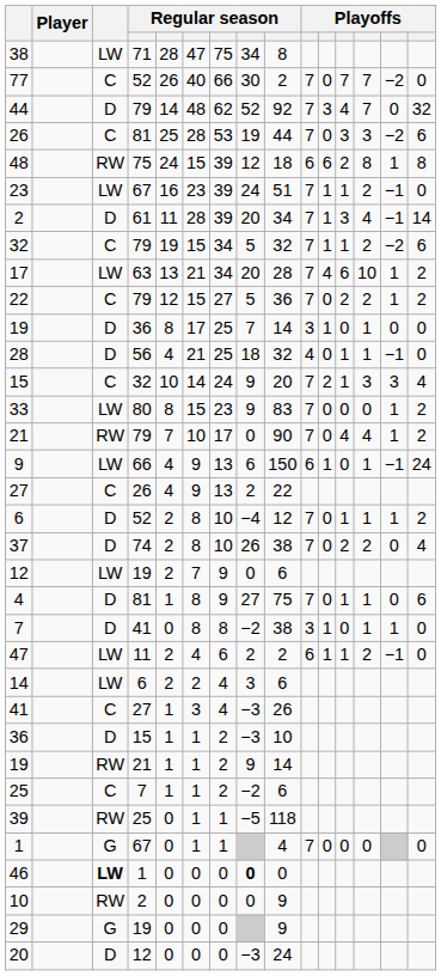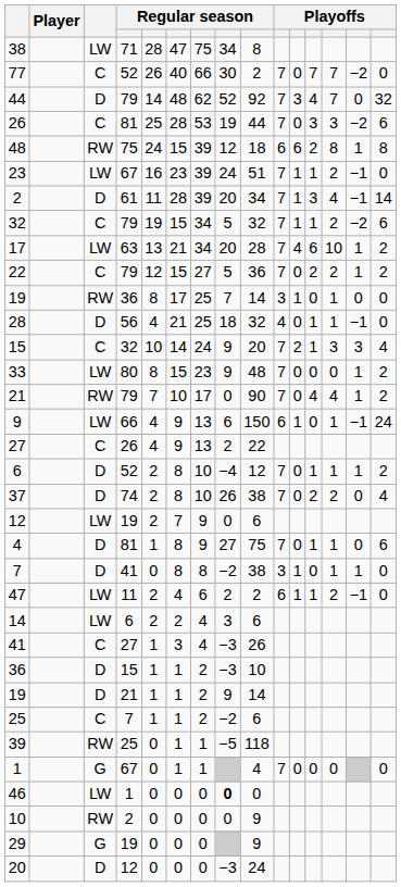 <table class="wikitable sortable plainrowheaders" style="text-align:center;">
 <tr>
 <th scope="col" data-sort-type="number" rowspan="2"></th>
 <th scope="col" rowspan="2">Player</th>
 <th scope="col" rowspan="2"></th>
 <th scope=colgroup colspan=6>Regular season</th>
 <th scope=colgroup colspan=6>Playoffs</th>
 </tr>
 <tr>
 <th scope="col" data-sort-type="number"></th>
 <th scope="col" data-sort-type="number"></th>
 <th scope="col" data-sort-type="number"></th>
 <th scope="col" data-sort-type="number"></th>
 <th scope="col" data-sort-type="number"></th>
 <th scope="col" data-sort-type="number"></th>
 <th scope="col" data-sort-type="number"></th>
 <th scope="col" data-sort-type="number"></th>
 <th scope="col" data-sort-type="number"></th>
 <th scope="col" data-sort-type="number"></th>
 <th scope="col" data-sort-type="number"></th>
 <th scope="col" data-sort-type="number"></th>
 </tr>
 <tr>
 <td scope="row">38</td>
 <td align="left"></td>
 <td>LW</td>
 <td>71</td>
 <td>28</td>
 <td>47</td>
 <td>75</td>
 <td>34</td>
 <td>8</td>
 <td></td>
 <td></td>
 <td></td>
 <td></td>
 <td></td>
 <td></td>
 </tr>
 <tr>
 <td scope="row">77</td>
 <td align="left"></td>
 <td>C</td>
 <td>52</td>
 <td>26</td>
 <td>40</td>
 <td>66</td>
 <td>30</td>
 <td>2</td>
 <td>7</td>
 <td>0</td>
 <td>7</td>
 <td>7</td>
 <td>−2</td>
 <td>0</td>
 </tr>
 <tr>
 <td scope="row">44</td>
 <td align="left"></td>
 <td>D</td>
 <td>79</td>
 <td>14</td>
 <td>48</td>
 <td>62</td>
 <td>52</td>
 <td>92</td>
 <td>7</td>
 <td>3</td>
 <td>4</td>
 <td>7</td>
 <td>0</td>
 <td>32</td>
 </tr>
 <tr>
 <td scope="row">26</td>
 <td align="left"></td>
 <td>C</td>
 <td>81</td>
 <td>25</td>
 <td>28</td>
 <td>53</td>
 <td>19</td>
 <td>44</td>
 <td>7</td>
 <td>0</td>
 <td>3</td>
 <td>3</td>
 <td>−2</td>
 <td>6</td>
 </tr>
 <tr>
 <td scope="row">48</td>
 <td align="left"></td>
 <td>RW</td>
 <td>75</td>
 <td>24</td>
 <td>15</td>
 <td>39</td>
 <td>12</td>
 <td>18</td>
 <td>6</td>
 <td>6</td>
 <td>2</td>
 <td>8</td>
 <td>1</td>
 <td>8</td>
 </tr>
 <tr>
 <td scope="row">23</td>
 <td align="left"></td>
 <td>LW</td>
 <td>67</td>
 <td>16</td>
 <td>23</td>
 <td>39</td>
 <td>24</td>
 <td>51</td>
 <td>7</td>
 <td>1</td>
 <td>1</td>
 <td>2</td>
 <td>−1</td>
 <td>0</td>
 </tr>
 <tr>
 <td scope="row">2</td>
 <td align="left"></td>
 <td>D</td>
 <td>61</td>
 <td>11</td>
 <td>28</td>
 <td>39</td>
 <td>20</td>
 <td>34</td>
 <td>7</td>
 <td>1</td>
 <td>3</td>
 <td>4</td>
 <td>−1</td>
 <td>14</td>
 </tr>
 <tr>
 <td scope="row">32</td>
 <td align="left"></td>
 <td>C</td>
 <td>79</td>
 <td>19</td>
 <td>15</td>
 <td>34</td>
 <td>5</td>
 <td>32</td>
 <td>7</td>
 <td>1</td>
 <td>1</td>
 <td>2</td>
 <td>−2</td>
 <td>6</td>
 </tr>
 <tr>
 <td scope="row">17</td>
 <td align="left"></td>
 <td>LW</td>
 <td>63</td>
 <td>13</td>
 <td>21</td>
 <td>34</td>
 <td>20</td>
 <td>28</td>
 <td>7</td>
 <td>4</td>
 <td>6</td>
 <td>10</td>
 <td>1</td>
 <td>2</td>
 </tr>
 <tr>
 <td scope="row">22</td>
 <td align="left"></td>
 <td>C</td>
 <td>79</td>
 <td>12</td>
 <td>15</td>
 <td>27</td>
 <td>5</td>
 <td>36</td>
 <td>7</td>
 <td>0</td>
 <td>2</td>
 <td>2</td>
 <td>1</td>
 <td>2</td>
 </tr>
 <tr>
 <td scope="row">19</td>
 <td align="left"></td>
-<td>D</td>
+<td>RW</td>
 <td>36</td>
 <td>8</td>
 <td>17</td>
 <td>25</td>
 <td>7</td>
 <td>14</td>
 <td>3</td>
 <td>1</td>
 <td>0</td>
 <td>1</td>
 <td>0</td>
 <td>0</td>
 </tr>
 <tr>
 <td scope="row">28</td>
 <td align="left"></td>
 <td>D</td>
 <td>56</td>
 <td>4</td>
 <td>21</td>
 <td>25</td>
 <td>18</td>
 <td>32</td>
 <td>4</td>
 <td>0</td>
 <td>1</td>
 <td>1</td>
 <td>−1</td>
 <td>0</td>
 </tr>
 <tr>
 <td scope="row">15</td>
 <td align="left"></td>
 <td>C</td>
 <td>32</td>
 <td>10</td>
 <td>14</td>
 <td>24</td>
 <td>9</td>
 <td>20</td>
 <td>7</td>
 <td>2</td>
 <td>1</td>
 <td>3</td>
 <td>3</td>
 <td>4</td>
 </tr>
 <tr>
 <td scope="row">33</td>
 <td align="left"></td>
 <td>LW</td>
 <td>80</td>
 <td>8</td>
 <td>15</td>
 <td>23</td>
 <td>9</td>
-<td>83</td>
+<td>48</td>
 <td>7</td>
 <td>0</td>
 <td>0</td>
 <td>0</td>
 <td>1</td>
 <td>2</td>
 </tr>
 <tr>
 <td scope="row">21</td>
 <td align="left"></td>
 <td>RW</td>
 <td>79</td>
 <td>7</td>
 <td>10</td>
 <td>17</td>
 <td>0</td>
 <td>90</td>
 <td>7</td>
 <td>0</td>
 <td>4</td>
 <td>4</td>
 <td>1</td>
 <td>2</td>
 </tr>
 <tr>
 <td scope="row">9</td>
 <td align="left"></td>
 <td>LW</td>
 <td>66</td>
 <td>4</td>
 <td>9</td>
 <td>13</td>
 <td>6</td>
 <td>150</td>
 <td>6</td>
 <td>1</td>
 <td>0</td>
 <td>1</td>
 <td>−1</td>
 <td>24</td>
 </tr>
 <tr>
 <td scope="row">27</td>
 <td align="left"></td>
 <td>C</td>
 <td>26</td>
 <td>4</td>
 <td>9</td>
 <td>13</td>
 <td>2</td>
 <td>22</td>
 <td></td>
 <td></td>
 <td></td>
 <td></td>
 <td></td>
 <td></td>
 </tr>
 <tr>
 <td scope="row">6</td>
 <td align="left"></td>
 <td>D</td>
 <td>52</td>
 <td>2</td>
 <td>8</td>
 <td>10</td>
 <td>−4</td>
 <td>12</td>
 <td>7</td>
 <td>0</td>
 <td>1</td>
 <td>1</td>
 <td>1</td>
 <td>2</td>
 </tr>
 <tr>
 <td scope="row">37</td>
 <td align="left"></td>
 <td>D</td>
 <td>74</td>
 <td>2</td>
 <td>8</td>
 <td>10</td>
 <td>26</td>
 <td>38</td>
 <td>7</td>
 <td>0</td>
 <td>2</td>
 <td>2</td>
 <td>0</td>
 <td>4</td>
 </tr>
 <tr>
 <td scope="row">12</td>
 <td align="left"></td>
 <td>LW</td>
 <td>19</td>
 <td>2</td>
 <td>7</td>
 <td>9</td>
 <td>0</td>
 <td>6</td>
 <td></td>
 <td></td>
 <td></td>
 <td></td>
 <td></td>
 <td></td>
 </tr>
 <tr>
 <td scope="row">4</td>
 <td align="left"></td>
 <td>D</td>
 <td>81</td>
 <td>1</td>
 <td>8</td>
 <td>9</td>
 <td>27</td>
 <td>75</td>
 <td>7</td>
 <td>0</td>
 <td>1</td>
 <td>1</td>
 <td>0</td>
 <td>6</td>
 </tr>
 <tr>
 <td scope="row">7</td>
 <td align="left"></td>
 <td>D</td>
 <td>41</td>
 <td>0</td>
 <td>8</td>
 <td>8</td>
 <td>−2</td>
 <td>38</td>
 <td>3</td>
 <td>1</td>
 <td>0</td>
 <td>1</td>
 <td>1</td>
 <td>0</td>
 </tr>
 <tr>
 <td scope="row">47</td>
 <td align="left"></td>
 <td>LW</td>
 <td>11</td>
 <td>2</td>
 <td>4</td>
 <td>6</td>
 <td>2</td>
 <td>2</td>
 <td>6</td>
 <td>1</td>
 <td>1</td>
 <td>2</td>
 <td>−1</td>
 <td>0</td>
 </tr>
 <tr>
 <td scope="row">14</td>
 <td align="left"></td>
 <td>LW</td>
 <td>6</td>
 <td>2</td>
 <td>2</td>
 <td>4</td>
 <td>3</td>
 <td>6</td>
 <td></td>
 <td></td>
 <td></td>
 <td></td>
 <td></td>
 <td></td>
 </tr>
 <tr>
 <td scope="row">41</td>
 <td align="left"></td>
 <td>C</td>
 <td>27</td>
 <td>1</td>
 <td>3</td>
 <td>4</td>
 <td>−3</td>
 <td>26</td>
 <td></td>
 <td></td>
 <td></td>
 <td></td>
 <td></td>
 <td></td>
 </tr>
 <tr>
 <td scope="row">36</td>
 <td align="left"></td>
 <td>D</td>
 <td>15</td>
 <td>1</td>
 <td>1</td>
 <td>2</td>
 <td>−3</td>
 <td>10</td>
 <td></td>
 <td></td>
 <td></td>
 <td></td>
 <td></td>
 <td></td>
 </tr>
 <tr>
 <td scope="row">19</td>
 <td align="left"></td>
-<td>RW</td>
+<td>D</td>
 <td>21</td>
 <td>1</td>
 <td>1</td>
 <td>2</td>
 <td>9</td>
 <td>14</td>
 <td></td>
 <td></td>
 <td></td>
 <td></td>
 <td></td>
 <td></td>
 </tr>
 <tr>
 <td scope="row">25</td>
 <td align="left"></td>
 <td>C</td>
 <td>7</td>
 <td>1</td>
 <td>1</td>
 <td>2</td>
 <td>−2</td>
 <td>6</td>
 <td></td>
 <td></td>
 <td></td>
 <td></td>
 <td></td>
 <td></td>
 </tr>
 <tr>
 <td scope="row">39</td>
 <td align="left"></td>
 <td>RW</td>
 <td>25</td>
 <td>0</td>
 <td>1</td>
 <td>1</td>
 <td>−5</td>
 <td>118</td>
 <td></td>
 <td></td>
 <td></td>
 <td></td>
 <td></td>
 <td></td>
 </tr>
 <tr>
 <td scope="row">1</td>
 <td align="left"></td>
 <td>G</td>
 <td>67</td>
 <td>0</td>
 <td>1</td>
 <td>1</td>
 <td style="background:#ccc"></td>
 <td>4</td>
 <td>7</td>
 <td>0</td>
 <td>0</td>
 <td>0</td>
 <td style="background:#ccc"></td>
 <td>0</td>
 </tr>
 <tr>
 <td scope="row">46</td>
 <td align="left"></td>
-<td><strong>LW</strong></td>
+<td>LW</td>
 <td>1</td>
 <td>0</td>
 <td>0</td>
 <td>0</td>
 <td><strong>0</strong></td>
 <td>0</td>
 <td></td>
 <td></td>
 <td></td>
 <td></td>
 <td></td>
 <td></td>
 </tr>
 <tr>
 <td scope="row">10</td>
 <td align="left"></td>
 <td>RW</td>
 <td>2</td>
 <td>0</td>
 <td>0</td>
 <td>0</td>
 <td>0</td>
 <td>9</td>
 <td></td>
 <td></td>
 <td></td>
 <td></td>
 <td></td>
 <td></td>
 </tr>
 <tr>
 <td scope="row">29</td>
 <td align="left"></td>
 <td>G</td>
 <td>19</td>
 <td>0</td>
 <td>0</td>
 <td>0</td>
 <td style="background:#ccc"></td>
 <td>9</td>
 <td></td>
 <td></td>
 <td></td>
 <td></td>
 <td></td>
 <td></td>
 </tr>
 <tr>
 <td scope="row">20</td>
 <td align="left"></td>
 <td>D</td>
 <td>12</td>
 <td>0</td>
 <td>0</td>
 <td>0</td>
 <td>−3</td>
 <td>24</td>
 <td></td>
 <td></td>
 <td></td>
 <td></td>
 <td></td>
 <td></td>
 </tr>
 </table>
